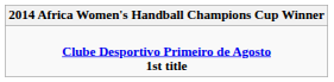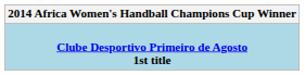 <table class=wikitable style="text-align:center; margin:auto">
 <tr>
 <th>2014 Africa Women's Handball Champions Cup Winner</th>
 </tr>
 <tr>
-<td><br><strong><a href='#'>Clube Desportivo Primeiro de Agosto</a></strong><br><strong>1st title</strong></td>
+<td style="background: lightblue;"><br><strong><a href='#'>Clube Desportivo Primeiro de Agosto</a></strong><br><strong>1st title</strong></td>
 </tr>
 </table>
